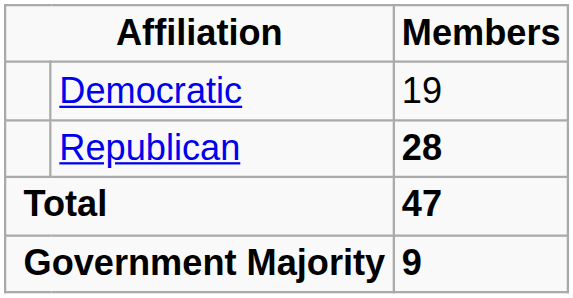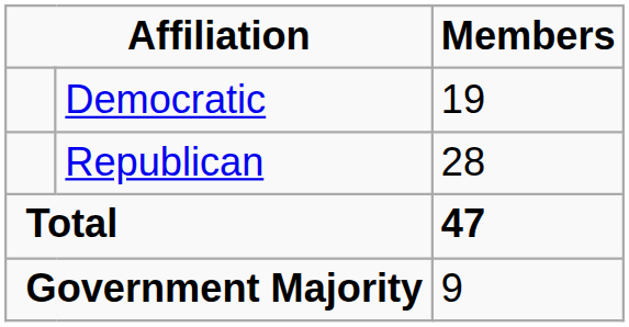 <table class="wikitable">
 <tr>
 <td colspan="2" rowspan="1" align="center" valign="top"><strong>Affiliation</strong></td>
 <td style="vertical-align:top;"><strong>Members</strong></td>
 </tr>
 <tr>
 <td style="background-color:"> </td>
 <td><a href='#'>Democratic</a></td>
 <td>19</td>
 </tr>
 <tr>
 <td style="background-color:"> </td>
 <td><a href='#'>Republican</a></td>
-<td><strong>28</strong></td>
+<td>28</td>
 </tr>
 <tr>
 <td colspan="2" rowspan="1"> <strong>Total</strong></td>
 <td><strong>47</strong></td>
 </tr>
 <tr>
 <td colspan="2" rowspan="1"> <strong>Government Majority</strong></td>
-<td><strong>9</strong></td>
+<td>9</td>
 </tr>
 </table>
